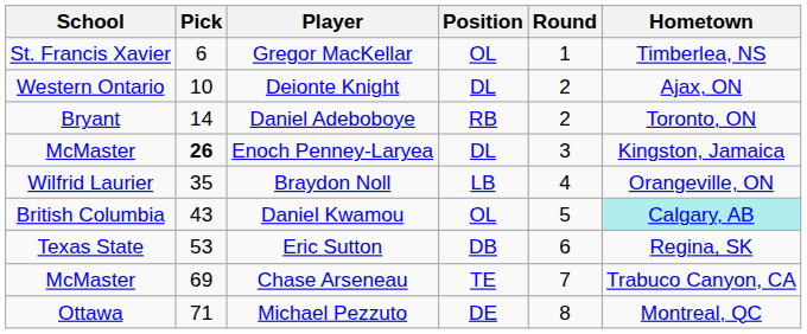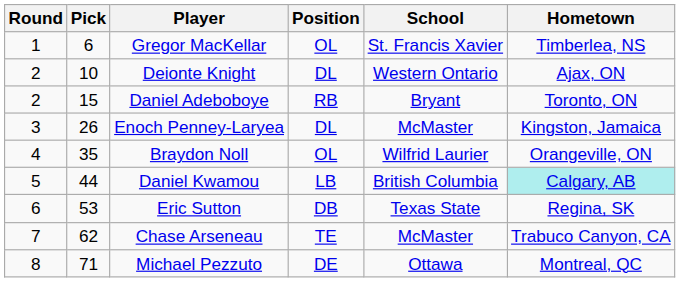 <table class="wikitable" style="font-size: 95%;">
 <tr>
-<th scope="col">School</th>
+<th scope="col">Round</th>
 <th scope="col">Pick</th>
 <th scope="col">Player</th>
 <th scope="col">Position</th>
-<th scope="col">Round</th>
+<th scope="col">School</th>
 <th scope="col">Hometown</th>
 </tr>
 <tr align="center">
-<td><a href='#'>St. Francis Xavier</a></td>
+<td align=center>1</td>
 <td>6</td>
 <td><a href='#'>Gregor MacKellar</a></td>
 <td><a href='#'>OL</a></td>
-<td align=center>1</td>
+<td><a href='#'>St. Francis Xavier</a></td>
 <td><a href='#'>Timberlea, NS</a></td>
 </tr>
 <tr align="center">
-<td><a href='#'>Western Ontario</a></td>
+<td align=center>2</td>
 <td>10</td>
 <td><a href='#'>Deionte Knight</a></td>
 <td><a href='#'>DL</a></td>
-<td align=center>2</td>
+<td><a href='#'>Western Ontario</a></td>
 <td><a href='#'>Ajax, ON</a></td>
 </tr>
 <tr align="center">
-<td><a href='#'>Bryant</a></td>
-<td>14</td>
+<td align=center>2</td>
+<td>15</td>
 <td><a href='#'>Daniel Adeboboye</a></td>
 <td><a href='#'>RB</a></td>
-<td align=center>2</td>
+<td><a href='#'>Bryant</a></td>
 <td><a href='#'>Toronto, ON</a></td>
 </tr>
 <tr align="center">
-<td><a href='#'>McMaster</a></td>
-<td><strong>26</strong></td>
+<td align=center>3</td>
+<td>26</td>
 <td><a href='#'>Enoch Penney-Laryea</a></td>
 <td><a href='#'>DL</a></td>
-<td align=center>3</td>
+<td><a href='#'>McMaster</a></td>
 <td><a href='#'>Kingston, Jamaica</a></td>
 </tr>
 <tr align="center">
-<td><a href='#'>Wilfrid Laurier</a></td>
+<td align=center>4</td>
 <td>35</td>
 <td><a href='#'>Braydon Noll</a></td>
-<td><a href='#'>LB</a></td>
-<td align=center>4</td>
+<td><a href='#'>OL</a></td>
+<td><a href='#'>Wilfrid Laurier</a></td>
 <td><a href='#'>Orangeville, ON</a></td>
 </tr>
 <tr align="center">
+<td align=center>5</td>
+<td>44</td>
+<td><a href='#'>Daniel Kwamou</a></td>
+<td><a href='#'>LB</a></td>
 <td><a href='#'>British Columbia</a></td>
-<td>43</td>
-<td><a href='#'>Daniel Kwamou</a></td>
-<td><a href='#'>OL</a></td>
-<td align=center>5</td>
 <td style="background: paleturquoise;"><a href='#'>Calgary, AB</a></td>
 </tr>
 <tr align="center">
-<td><a href='#'>Texas State</a></td>
+<td align=center>6</td>
 <td>53</td>
 <td><a href='#'>Eric Sutton</a></td>
 <td><a href='#'>DB</a></td>
-<td align=center>6</td>
+<td><a href='#'>Texas State</a></td>
 <td><a href='#'>Regina, SK</a></td>
 </tr>
 <tr align="center">
-<td><a href='#'>McMaster</a></td>
-<td>69</td>
+<td align=center>7</td>
+<td>62</td>
 <td><a href='#'>Chase Arseneau</a></td>
 <td><a href='#'>TE</a></td>
-<td align=center>7</td>
+<td><a href='#'>McMaster</a></td>
 <td><a href='#'>Trabuco Canyon, CA</a></td>
 </tr>
 <tr align="center">
-<td><a href='#'>Ottawa</a></td>
+<td align=center>8</td>
 <td>71</td>
 <td><a href='#'>Michael Pezzuto</a></td>
 <td><a href='#'>DE</a></td>
-<td align=center>8</td>
+<td><a href='#'>Ottawa</a></td>
 <td><a href='#'>Montreal, QC</a></td>
 </tr>
 </table>
